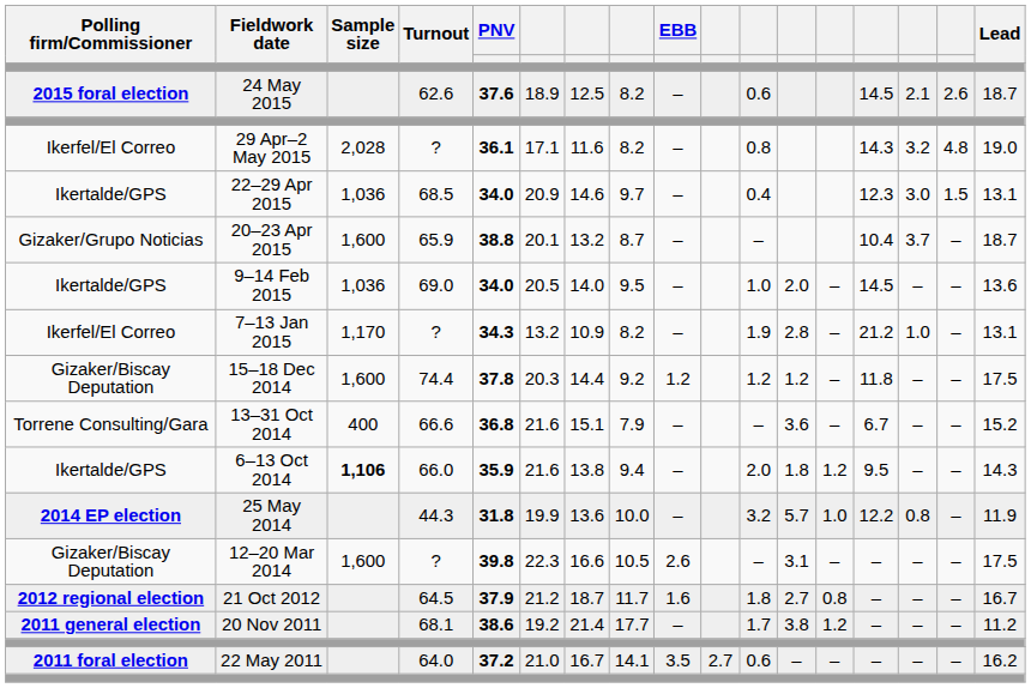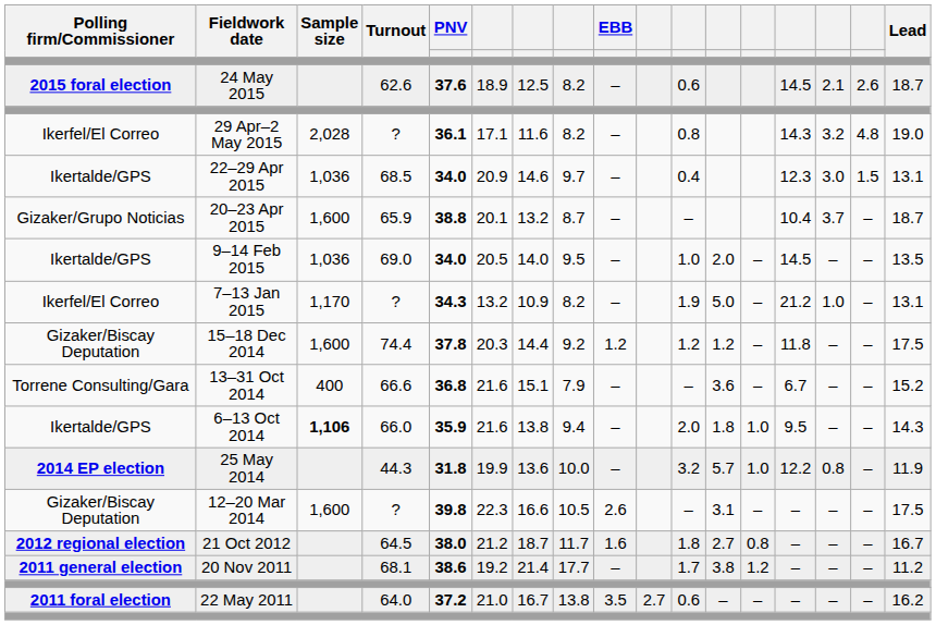 <table class="wikitable collapsible collapsed" style="text-align:center; font-size:95%; line-height:16px;">
 <tr style="height:42px;">
 <th style="width:250px;" rowspan="2">Polling firm/Commissioner</th>
 <th style="width:125px;" rowspan="2">Fieldwork date</th>
 <th style="width:50px;" rowspan="2">Sample size</th>
 <th style="width:45px;" rowspan="2">Turnout</th>
 <th style="width:35px;"><a href='#'>PNV</a></th>
 <th style="width:35px;"></th>
 <th style="width:35px;"></th>
 <th style="width:35px;"></th>
 <th style="width:35px;"><a href='#'>EBB</a></th>
 <th style="width:35px;"></th>
 <th style="width:35px;"></th>
 <th style="width:35px;"></th>
 <th style="width:35px;"></th>
 <th style="width:35px;"></th>
 <th style="width:35px;"></th>
 <th style="width:35px;"></th>
 <th style="width:30px;" rowspan="2">Lead</th>
 </tr>
 <tr>
 <th style="color:inherit;background:"></th>
 <th style="color:inherit;background:"></th>
 <th style="color:inherit;background:"></th>
 <th style="color:inherit;background:"></th>
 <th style="color:inherit;background:"></th>
 <th style="color:inherit;background:"></th>
 <th style="color:inherit;background:"></th>
 <th style="color:inherit;background:"></th>
 <th style="color:inherit;background:"></th>
 <th style="color:inherit;background:"></th>
 <th style="color:inherit;background:"></th>
 <th style="color:inherit;background:"></th>
 </tr>
 <tr>
 <td colspan="17" style="background:#A0A0A0"></td>
 </tr>
 <tr style="background:#EFEFEF;">
 <td><strong><a href='#'>2015 foral election</a></strong></td>
 <td>24 May 2015</td>
 <td></td>
 <td>62.6</td>
 <td><strong>37.6</strong><br></td>
 <td>18.9<br></td>
 <td>12.5<br></td>
 <td>8.2<br></td>
 <td>–</td>
 <td></td>
 <td>0.6<br></td>
 <td></td>
 <td></td>
 <td>14.5<br></td>
 <td>2.1<br></td>
 <td>2.6<br></td>
 <td style="background:">18.7</td>
 </tr>
 <tr>
 <td colspan="17" style="background:#A0A0A0"></td>
 </tr>
 <tr>
 <td>Ikerfel/El Correo</td>
 <td>29 Apr–2 May 2015</td>
 <td>2,028</td>
 <td>?</td>
 <td><strong>36.1</strong><br></td>
 <td>17.1<br></td>
 <td>11.6<br></td>
 <td>8.2<br></td>
 <td>–</td>
 <td></td>
 <td>0.8<br></td>
 <td></td>
 <td></td>
 <td>14.3<br></td>
 <td>3.2<br></td>
 <td>4.8<br></td>
 <td style="background:">19.0</td>
 </tr>
 <tr>
 <td>Ikertalde/GPS</td>
 <td>22–29 Apr 2015</td>
 <td>1,036</td>
 <td>68.5</td>
 <td><strong>34.0</strong></td>
 <td>20.9</td>
 <td>14.6</td>
 <td>9.7</td>
 <td>–</td>
 <td></td>
 <td>0.4</td>
 <td></td>
 <td></td>
 <td>12.3</td>
 <td>3.0</td>
 <td>1.5</td>
 <td style="background:">13.1</td>
 </tr>
 <tr>
 <td>Gizaker/Grupo Noticias</td>
 <td>20–23 Apr 2015</td>
 <td>1,600</td>
 <td>65.9</td>
 <td><strong>38.8</strong><br></td>
 <td>20.1<br></td>
 <td>13.2<br></td>
 <td>8.7<br></td>
 <td>–</td>
 <td></td>
 <td>–</td>
 <td></td>
 <td></td>
 <td>10.4<br></td>
 <td>3.7<br></td>
 <td>–</td>
 <td style="background:">18.7</td>
 </tr>
 <tr>
 <td>Ikertalde/GPS</td>
 <td>9–14 Feb 2015</td>
 <td>1,036</td>
 <td>69.0</td>
 <td><strong>34.0</strong></td>
 <td>20.5</td>
 <td>14.0</td>
 <td>9.5</td>
 <td>–</td>
 <td></td>
 <td>1.0</td>
 <td>2.0</td>
 <td>–</td>
 <td>14.5</td>
 <td>–</td>
 <td>–</td>
-<td style="background:">13.6</td>
+<td style="background:">13.5</td>
 </tr>
 <tr>
 <td>Ikerfel/El Correo</td>
 <td>7–13 Jan 2015</td>
 <td>1,170</td>
 <td>?</td>
 <td><strong>34.3</strong><br></td>
 <td>13.2<br></td>
 <td>10.9<br></td>
 <td>8.2<br></td>
 <td>–</td>
 <td></td>
 <td>1.9<br></td>
-<td>2.8<br></td>
+<td>5.0<br></td>
 <td>–</td>
 <td>21.2<br></td>
 <td>1.0<br></td>
 <td>–</td>
 <td style="background:">13.1</td>
 </tr>
 <tr>
 <td>Gizaker/Biscay Deputation</td>
 <td>15–18 Dec 2014</td>
 <td>1,600</td>
 <td>74.4</td>
 <td><strong>37.8</strong><br></td>
 <td>20.3<br></td>
 <td>14.4<br></td>
 <td>9.2<br></td>
 <td>1.2</td>
 <td></td>
 <td>1.2<br></td>
 <td>1.2<br></td>
 <td>–</td>
 <td>11.8<br></td>
 <td>–</td>
 <td>–</td>
 <td style="background:">17.5</td>
 </tr>
 <tr>
 <td>Torrene Consulting/Gara</td>
 <td>13–31 Oct 2014</td>
 <td>400</td>
 <td>66.6</td>
 <td><strong>36.8</strong><br></td>
 <td>21.6<br></td>
 <td>15.1<br></td>
 <td>7.9<br></td>
 <td>–</td>
 <td></td>
 <td>–</td>
 <td>3.6<br></td>
 <td>–</td>
 <td>6.7</td>
 <td>–</td>
 <td>–</td>
 <td style="background:">15.2</td>
 </tr>
 <tr>
 <td>Ikertalde/GPS</td>
 <td>6–13 Oct 2014</td>
 <td><strong>1,106</strong></td>
 <td>66.0</td>
 <td><strong>35.9</strong></td>
 <td>21.6</td>
 <td>13.8</td>
 <td>9.4</td>
 <td>–</td>
 <td></td>
 <td>2.0</td>
 <td>1.8</td>
-<td>1.2</td>
+<td>1.0</td>
 <td>9.5</td>
 <td>–</td>
 <td>–</td>
 <td style="background:">14.3</td>
 </tr>
 <tr style="background:#EFEFEF;">
 <td><strong><a href='#'>2014 EP election</a></strong></td>
 <td>25 May 2014</td>
 <td></td>
 <td>44.3</td>
 <td><strong>31.8</strong></td>
 <td>19.9</td>
 <td>13.6</td>
 <td>10.0</td>
 <td>–</td>
 <td></td>
 <td>3.2</td>
 <td>5.7</td>
 <td>1.0</td>
 <td>12.2<br></td>
 <td>0.8</td>
 <td>–</td>
 <td style="background:">11.9</td>
 </tr>
 <tr>
 <td>Gizaker/Biscay Deputation</td>
 <td>12–20 Mar 2014</td>
 <td>1,600</td>
 <td>?</td>
 <td><strong>39.8</strong><br></td>
 <td>22.3<br></td>
 <td>16.6<br></td>
 <td>10.5<br></td>
 <td>2.6<br></td>
 <td></td>
 <td>–</td>
 <td>3.1<br></td>
 <td>–</td>
 <td>–</td>
 <td>–</td>
 <td>–</td>
 <td style="background:">17.5</td>
 </tr>
 <tr style="background:#EFEFEF;">
 <td><strong><a href='#'>2012 regional election</a></strong></td>
 <td>21 Oct 2012</td>
 <td></td>
 <td>64.5</td>
-<td><strong>37.9</strong></td>
+<td><strong>38.0</strong></td>
 <td>21.2</td>
 <td>18.7</td>
 <td>11.7</td>
 <td>1.6</td>
 <td></td>
 <td>1.8</td>
 <td>2.7</td>
 <td>0.8</td>
 <td>–</td>
 <td>–</td>
 <td>–</td>
 <td style="background:">16.7</td>
 </tr>
 <tr style="background:#EFEFEF;">
 <td><strong><a href='#'>2011 general election</a></strong></td>
 <td>20 Nov 2011</td>
 <td></td>
 <td>68.1</td>
 <td><strong>38.6</strong></td>
 <td>19.2</td>
 <td>21.4</td>
 <td>17.7</td>
 <td>–</td>
 <td></td>
 <td>1.7</td>
 <td>3.8</td>
 <td>1.2</td>
 <td>–</td>
 <td>–</td>
 <td>–</td>
 <td style="background:">11.2</td>
 </tr>
 <tr>
 <td colspan="17" style="background:#A0A0A0"></td>
 </tr>
 <tr style="background:#EFEFEF;">
 <td><strong><a href='#'>2011 foral election</a></strong></td>
 <td>22 May 2011</td>
 <td></td>
 <td>64.0</td>
 <td><strong>37.2</strong><br></td>
 <td>21.0<br></td>
 <td>16.7<br></td>
-<td>14.1<br></td>
+<td>13.8<br></td>
 <td>3.5<br></td>
 <td>2.7<br></td>
 <td>0.6<br></td>
 <td>–</td>
 <td>–</td>
 <td>–</td>
 <td>–</td>
 <td>–</td>
 <td style="background:">16.2</td>
 </tr>
 <tr>
 <td colspan="17" style="background:#A0A0A0"></td>
 </tr>
 </table>
